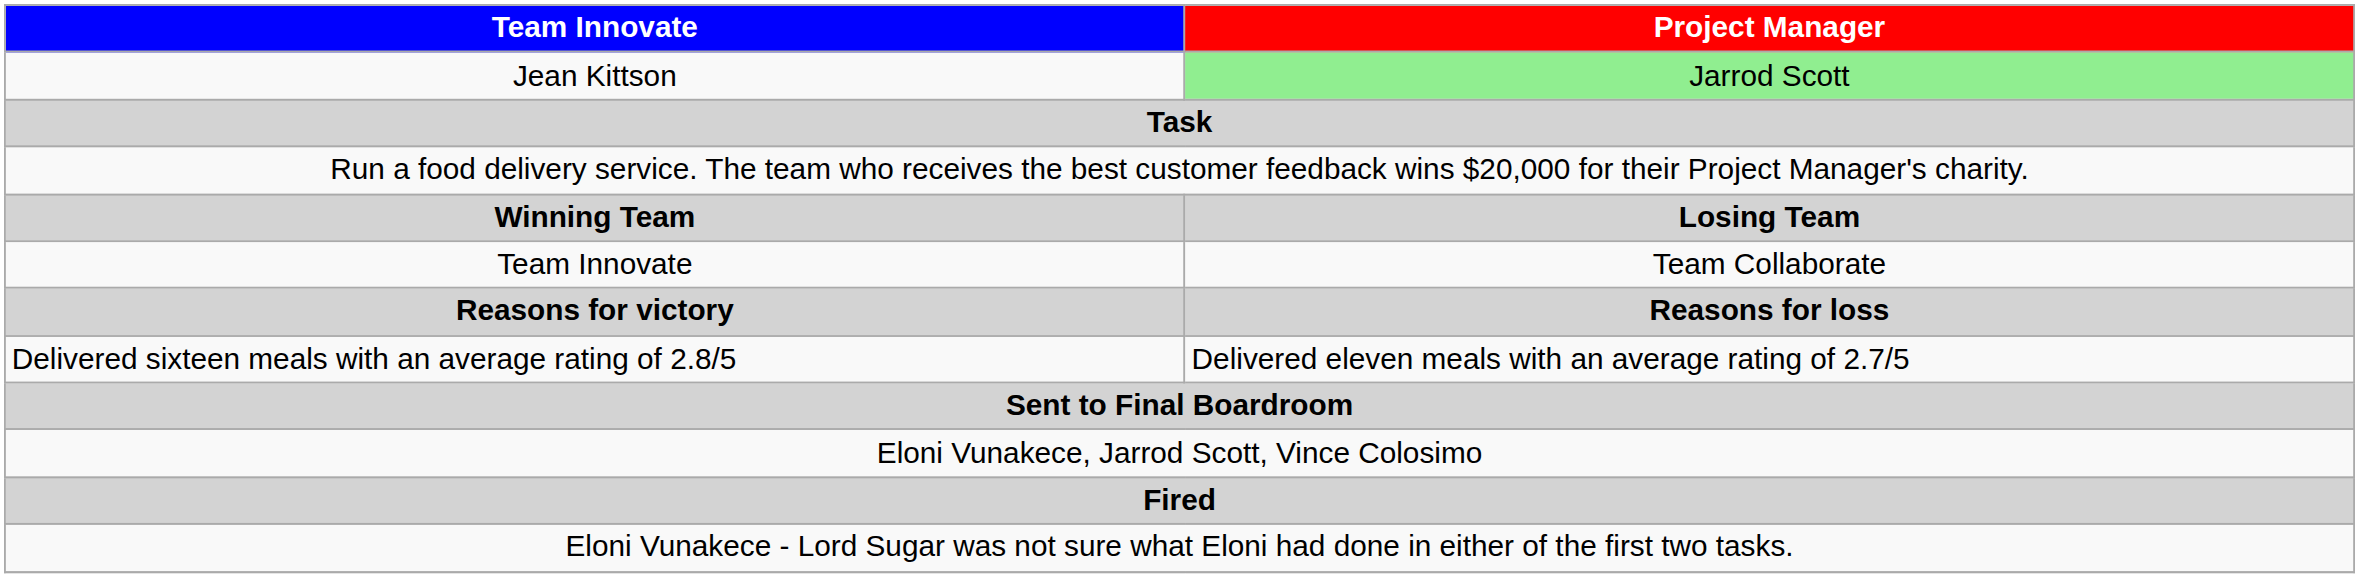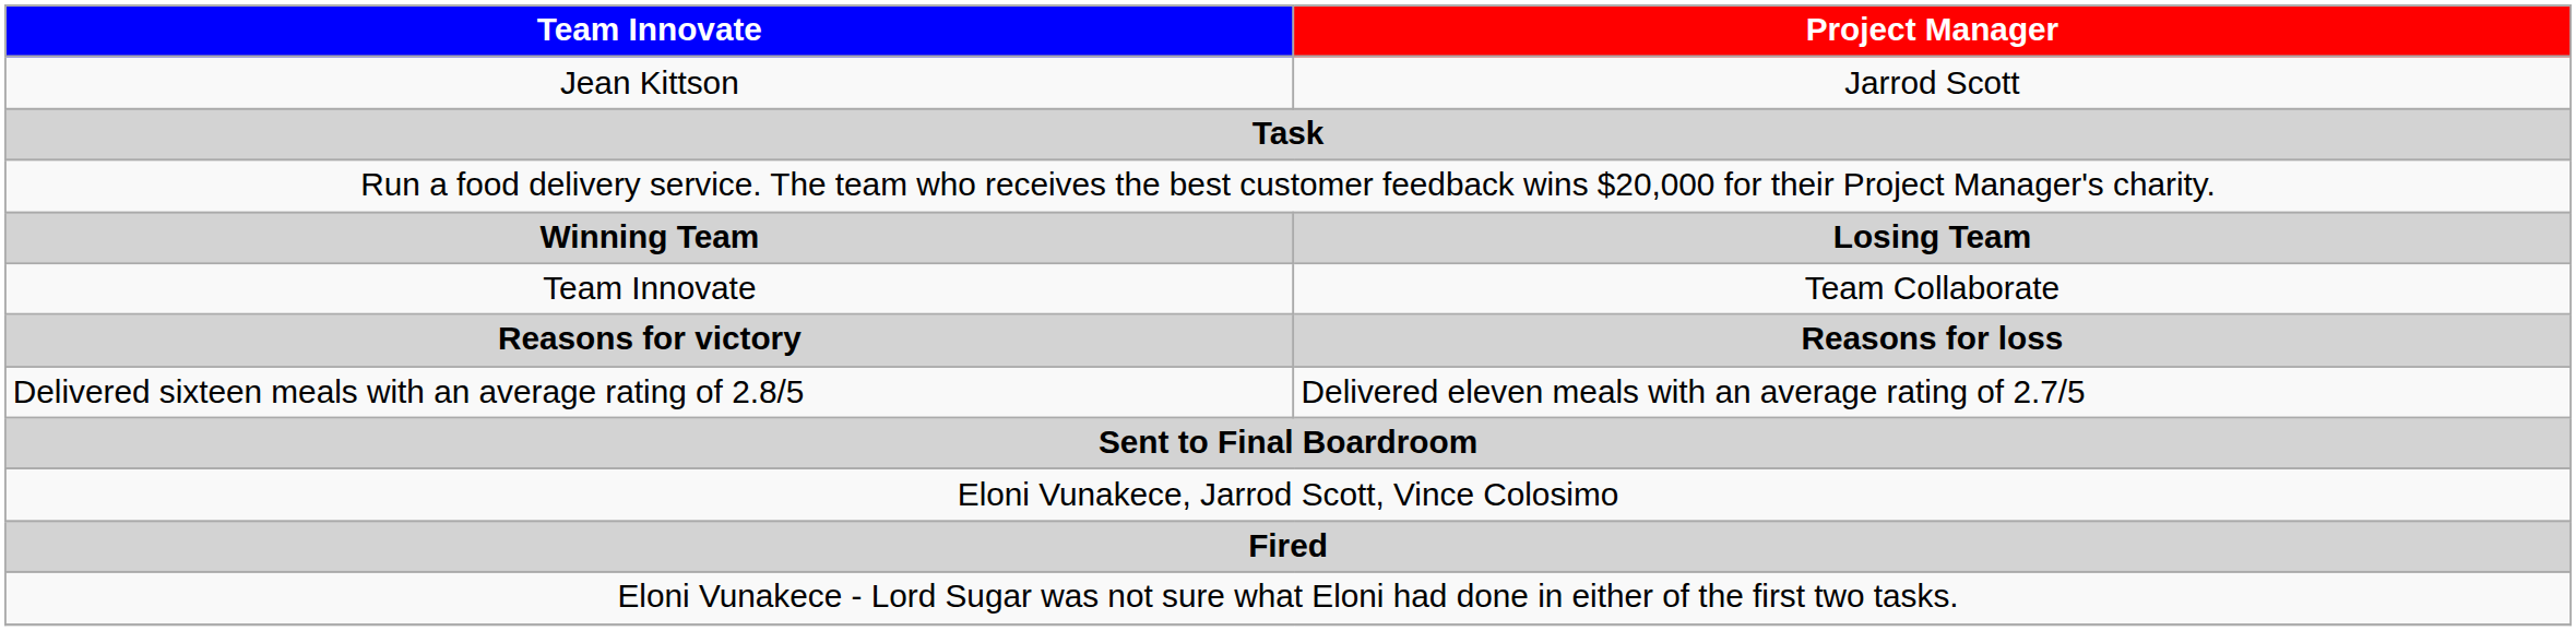 <table class="wikitable" style="text-align: center; width:100%">
 <tr>
 <th style="text-align:center; background:blue;color:white">Team Innovate </th>
 <th style="text-align:center; background:red;color:white"> Project Manager</th>
 </tr>
 <tr>
 <td>Jean Kittson</td>
-<td style="background: lightgreen;">Jarrod Scott</td>
+<td>Jarrod Scott</td>
 </tr>
 <tr>
 <th colspan="2" style="text-align:center; background:lightgrey;">Task</th>
 </tr>
 <tr>
 <td colspan="2">Run a food delivery service. The team who receives the best customer feedback wins $20,000 for their Project Manager's charity.</td>
 </tr>
 <tr>
 <th style="text-align:center; background:lightgrey;">Winning Team</th>
 <th style="text-align:center; background:lightgrey;">Losing Team</th>
 </tr>
 <tr>
 <td>Team Innovate</td>
 <td>Team Collaborate</td>
 </tr>
 <tr>
 <th style="text-align:center; background:lightgrey;">Reasons for victory</th>
 <th style="text-align:center; background:lightgrey;">Reasons for loss</th>
 </tr>
 <tr style="text-align: left; ">
 <td>Delivered sixteen meals with an average rating of 2.8/5</td>
 <td>Delivered eleven meals with an average rating of 2.7/5</td>
 </tr>
 <tr>
 <th colspan="2" style="text-align:center; background:lightgrey;">Sent to Final Boardroom</th>
 </tr>
 <tr>
 <td colspan="2">Eloni Vunakece, Jarrod Scott, Vince Colosimo</td>
 </tr>
 <tr>
 <th colspan="2" style="text-align:center; background:lightgrey;">Fired</th>
 </tr>
 <tr>
 <td colspan="2">Eloni Vunakece - Lord Sugar was not sure what Eloni had done in either of the first two tasks.</td>
 </tr>
 <tr>
 </tr>
 </table>
